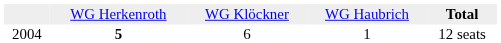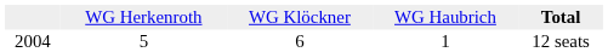 <table border="0" cellpadding="2" cellspacing="0" width="60%">
 <tr bgcolor="#eeeeee" align="center">
 <td></td>
 <td><a href='#'>WG Herkenroth</a></td>
 <td><a href='#'>WG Klöckner</a></td>
 <td><a href='#'>WG Haubrich</a></td>
 <td><strong>Total</strong></td>
 </tr>
 <tr align="center">
 <td>2004</td>
-<td><strong>5</strong></td>
+<td>5</td>
 <td>6</td>
 <td>1</td>
 <td>12 seats</td>
 </tr>
 </table>
